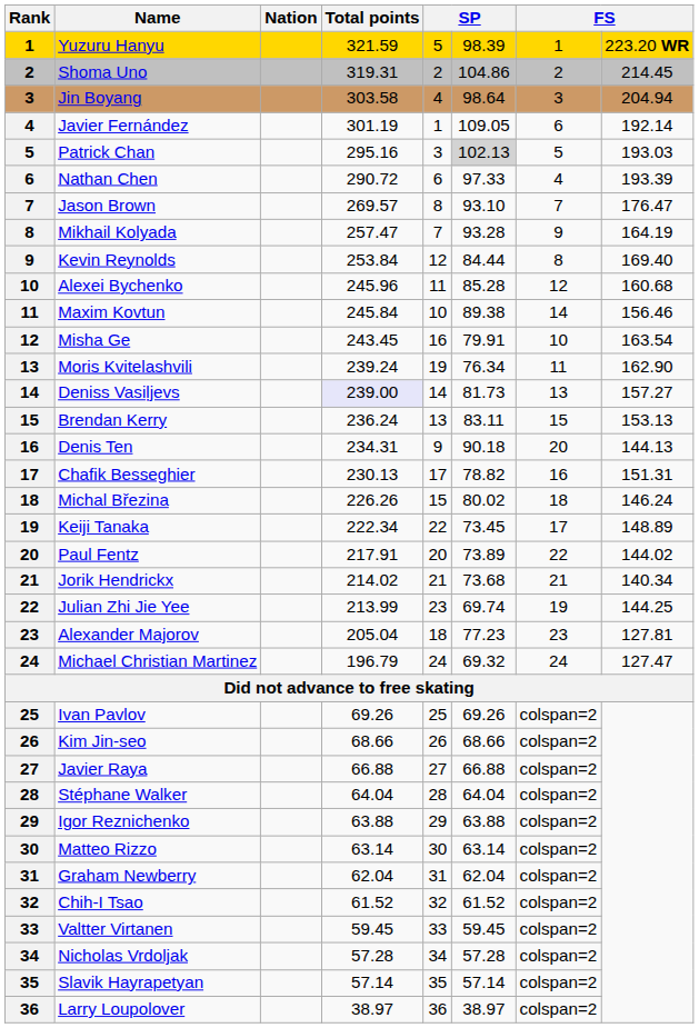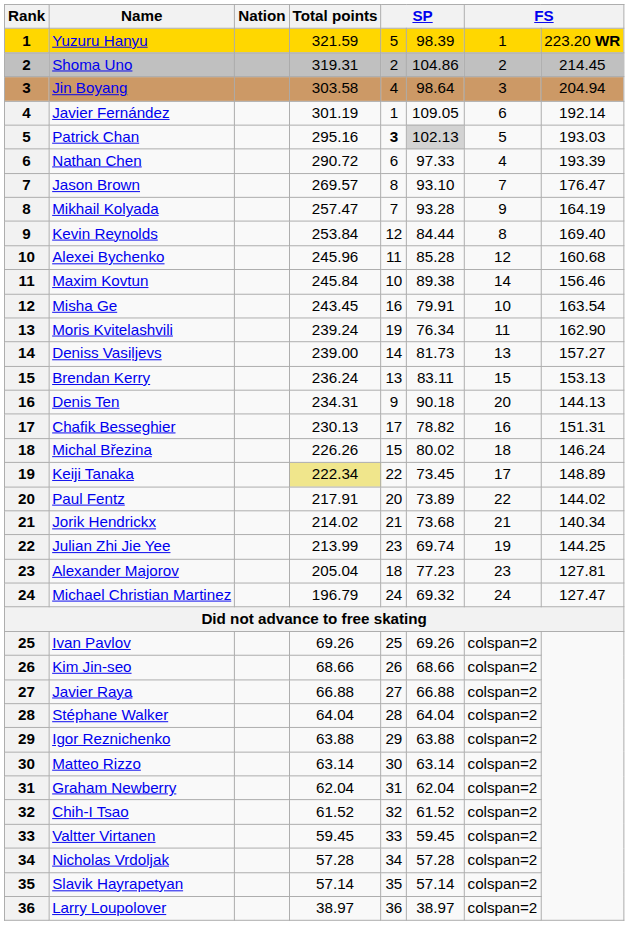 <table class="wikitable sortable">
 <tr>
 <th>Rank</th>
 <th>Name</th>
 <th>Nation</th>
 <th>Total points</th>
 <th colspan="2" width="80px"><a href='#'>SP</a></th>
 <th colspan="2" width="80px"><a href='#'>FS</a></th>
 </tr>
 <tr bgcolor="gold">
 <td align="center"><strong>1</strong></td>
 <td><a href='#'>Yuzuru Hanyu</a></td>
 <td></td>
 <td align="center">321.59</td>
 <td align="center">5</td>
 <td align="center">98.39</td>
 <td align="center">1</td>
 <td align="center">223.20 <strong>WR</strong></td>
 </tr>
 <tr bgcolor="silver">
 <td align="center"><strong>2</strong></td>
 <td><a href='#'>Shoma Uno</a></td>
 <td></td>
 <td align="center">319.31</td>
 <td align="center">2</td>
 <td align="center">104.86</td>
 <td align="center">2</td>
 <td align="center">214.45</td>
 </tr>
 <tr bgcolor="#cc9966">
 <td align="center"><strong>3</strong></td>
 <td><a href='#'>Jin Boyang</a></td>
 <td></td>
 <td align="center">303.58</td>
 <td align="center">4</td>
 <td align="center">98.64</td>
 <td align="center">3</td>
 <td align="center">204.94</td>
 </tr>
 <tr>
 <th>4</th>
 <td><a href='#'>Javier Fernández</a></td>
 <td></td>
 <td align="center">301.19</td>
 <td align="center">1</td>
 <td align="center">109.05</td>
 <td align="center">6</td>
 <td align="center">192.14</td>
 </tr>
 <tr>
 <th>5</th>
 <td><a href='#'>Patrick Chan</a></td>
 <td></td>
 <td align="center">295.16</td>
-<td align="center">3</td>
+<td align="center"><strong>3</strong></td>
 <td align="center" style="background: lightgrey;">102.13</td>
 <td align="center">5</td>
 <td align="center">193.03</td>
 </tr>
 <tr>
 <th>6</th>
 <td><a href='#'>Nathan Chen</a></td>
 <td></td>
 <td align="center">290.72</td>
 <td align="center">6</td>
 <td align="center">97.33</td>
 <td align="center">4</td>
 <td align="center">193.39</td>
 </tr>
 <tr>
 <th>7</th>
 <td><a href='#'>Jason Brown</a></td>
 <td></td>
 <td align="center">269.57</td>
 <td align="center">8</td>
 <td align="center">93.10</td>
 <td align="center">7</td>
 <td align="center">176.47</td>
 </tr>
 <tr>
 <th>8</th>
 <td><a href='#'>Mikhail Kolyada</a></td>
 <td></td>
 <td align="center">257.47</td>
 <td align="center">7</td>
 <td align="center">93.28</td>
 <td align="center">9</td>
 <td align="center">164.19</td>
 </tr>
 <tr>
 <th>9</th>
 <td><a href='#'>Kevin Reynolds</a></td>
 <td></td>
 <td align="center">253.84</td>
 <td align="center">12</td>
 <td align="center">84.44</td>
 <td align="center">8</td>
 <td align="center">169.40</td>
 </tr>
 <tr>
 <th>10</th>
 <td><a href='#'>Alexei Bychenko</a></td>
 <td></td>
 <td align="center">245.96</td>
 <td align="center">11</td>
 <td align="center">85.28</td>
 <td align="center">12</td>
 <td align="center">160.68</td>
 </tr>
 <tr>
 <th>11</th>
 <td><a href='#'>Maxim Kovtun</a></td>
 <td></td>
 <td align="center">245.84</td>
 <td align="center">10</td>
 <td align="center">89.38</td>
 <td align="center">14</td>
 <td align="center">156.46</td>
 </tr>
 <tr>
 <th>12</th>
 <td><a href='#'>Misha Ge</a></td>
 <td></td>
 <td align="center">243.45</td>
 <td align="center">16</td>
 <td align="center">79.91</td>
 <td align="center">10</td>
 <td align="center">163.54</td>
 </tr>
 <tr>
 <th>13</th>
 <td><a href='#'>Moris Kvitelashvili</a></td>
 <td></td>
 <td align="center">239.24</td>
 <td align="center">19</td>
 <td align="center">76.34</td>
 <td align="center">11</td>
 <td align="center">162.90</td>
 </tr>
 <tr>
 <th>14</th>
 <td><a href='#'>Deniss Vasiļjevs</a></td>
 <td></td>
-<td align="center" style="background: lavender;">239.00</td>
+<td align="center">239.00</td>
 <td align="center">14</td>
 <td align="center">81.73</td>
 <td align="center">13</td>
 <td align="center">157.27</td>
 </tr>
 <tr>
 <th>15</th>
 <td><a href='#'>Brendan Kerry</a></td>
 <td></td>
 <td align="center">236.24</td>
 <td align="center">13</td>
 <td align="center">83.11</td>
 <td align="center">15</td>
 <td align="center">153.13</td>
 </tr>
 <tr>
 <th>16</th>
 <td><a href='#'>Denis Ten</a></td>
 <td></td>
 <td align="center">234.31</td>
 <td align="center">9</td>
 <td align="center">90.18</td>
 <td align="center">20</td>
 <td align="center">144.13</td>
 </tr>
 <tr>
 <th>17</th>
 <td><a href='#'>Chafik Besseghier</a></td>
 <td></td>
 <td align="center">230.13</td>
 <td align="center">17</td>
 <td align="center">78.82</td>
 <td align="center">16</td>
 <td align="center">151.31</td>
 </tr>
 <tr>
 <th>18</th>
 <td><a href='#'>Michal Březina</a></td>
 <td></td>
 <td align="center">226.26</td>
 <td align="center">15</td>
 <td align="center">80.02</td>
 <td align="center">18</td>
 <td align="center">146.24</td>
 </tr>
 <tr>
 <th>19</th>
 <td><a href='#'>Keiji Tanaka</a></td>
 <td></td>
-<td align="center">222.34</td>
+<td align="center" style="background: khaki;">222.34</td>
 <td align="center">22</td>
 <td align="center">73.45</td>
 <td align="center">17</td>
 <td align="center">148.89</td>
 </tr>
 <tr>
 <th>20</th>
 <td><a href='#'>Paul Fentz</a></td>
 <td></td>
 <td align="center">217.91</td>
 <td align="center">20</td>
 <td align="center">73.89</td>
 <td align="center">22</td>
 <td align="center">144.02</td>
 </tr>
 <tr>
 <th>21</th>
 <td><a href='#'>Jorik Hendrickx</a></td>
 <td></td>
 <td align="center">214.02</td>
 <td align="center">21</td>
 <td align="center">73.68</td>
 <td align="center">21</td>
 <td align="center">140.34</td>
 </tr>
 <tr>
 <th>22</th>
 <td><a href='#'>Julian Zhi Jie Yee</a></td>
 <td></td>
 <td align="center">213.99</td>
 <td align="center">23</td>
 <td align="center">69.74</td>
 <td align="center">19</td>
 <td align="center">144.25</td>
 </tr>
 <tr>
 <th>23</th>
 <td><a href='#'>Alexander Majorov</a></td>
 <td></td>
 <td align="center">205.04</td>
 <td align="center">18</td>
 <td align="center">77.23</td>
 <td align="center">23</td>
 <td align="center">127.81</td>
 </tr>
 <tr>
 <th>24</th>
 <td><a href='#'>Michael Christian Martinez</a></td>
 <td></td>
 <td align="center">196.79</td>
 <td align="center">24</td>
 <td align="center">69.32</td>
 <td align="center">24</td>
 <td align="center">127.47</td>
 </tr>
 <tr>
 <th colspan=8>Did not advance to free skating</th>
 </tr>
 <tr>
 <th>25</th>
 <td><a href='#'>Ivan Pavlov</a></td>
 <td></td>
 <td align="center">69.26</td>
 <td align="center">25</td>
 <td align="center">69.26</td>
 <td>colspan=2 </td>
 </tr>
 <tr>
 <th>26</th>
 <td><a href='#'>Kim Jin-seo</a></td>
 <td></td>
 <td align="center">68.66</td>
 <td align="center">26</td>
 <td align="center">68.66</td>
 <td>colspan=2 </td>
 </tr>
 <tr>
 <th>27</th>
 <td><a href='#'>Javier Raya</a></td>
 <td></td>
 <td align="center">66.88</td>
 <td align="center">27</td>
 <td align="center">66.88</td>
 <td>colspan=2 </td>
 </tr>
 <tr>
 <th>28</th>
 <td><a href='#'>Stéphane Walker</a></td>
 <td></td>
 <td align="center">64.04</td>
 <td align="center">28</td>
 <td align="center">64.04</td>
 <td>colspan=2 </td>
 </tr>
 <tr>
 <th>29</th>
 <td><a href='#'>Igor Reznichenko</a></td>
 <td></td>
 <td align="center">63.88</td>
 <td align="center">29</td>
 <td align="center">63.88</td>
 <td>colspan=2 </td>
 </tr>
 <tr>
 <th>30</th>
 <td><a href='#'>Matteo Rizzo</a></td>
 <td></td>
 <td align="center">63.14</td>
 <td align="center">30</td>
 <td align="center">63.14</td>
 <td>colspan=2 </td>
 </tr>
 <tr>
 <th>31</th>
 <td><a href='#'>Graham Newberry</a></td>
 <td></td>
 <td align="center">62.04</td>
 <td align="center">31</td>
 <td align="center">62.04</td>
 <td>colspan=2 </td>
 </tr>
 <tr>
 <th>32</th>
 <td><a href='#'>Chih-I Tsao</a></td>
 <td></td>
 <td align="center">61.52</td>
 <td align="center">32</td>
 <td align="center">61.52</td>
 <td>colspan=2 </td>
 </tr>
 <tr>
 <th>33</th>
 <td><a href='#'>Valtter Virtanen</a></td>
 <td></td>
 <td align="center">59.45</td>
 <td align="center">33</td>
 <td align="center">59.45</td>
 <td>colspan=2 </td>
 </tr>
 <tr>
 <th>34</th>
 <td><a href='#'>Nicholas Vrdoljak</a></td>
 <td></td>
 <td align="center">57.28</td>
 <td align="center">34</td>
 <td align="center">57.28</td>
 <td>colspan=2 </td>
 </tr>
 <tr>
 <th>35</th>
 <td><a href='#'>Slavik Hayrapetyan</a></td>
 <td></td>
 <td align="center">57.14</td>
 <td align="center">35</td>
 <td align="center">57.14</td>
 <td>colspan=2 </td>
 </tr>
 <tr>
 <th>36</th>
 <td><a href='#'>Larry Loupolover</a></td>
 <td></td>
 <td align="center">38.97</td>
 <td align="center">36</td>
 <td align="center">38.97</td>
 <td>colspan=2 </td>
 </tr>
 </table>
